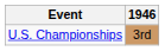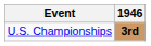 <table class="wikitable">
 <tr>
 <th>Event</th>
 <th>1946</th>
 </tr>
 <tr>
 <td><a href='#'>U.S. Championships</a></td>
-<td align="center" bgcolor="cc9966">3rd</td>
+<td align="center" bgcolor="cc9966"><strong>3rd</strong></td>
 </tr>
 </table>
